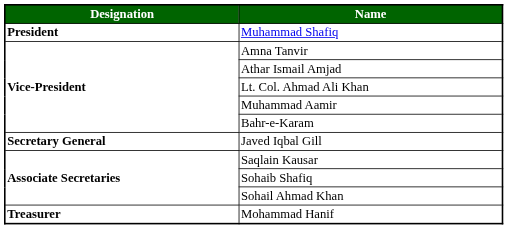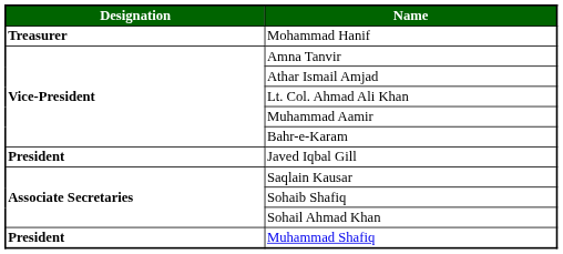 <table class="sortable" style="border-collapse: collapse; border: 2px #000000 solid; font-size: x-big; font-family: verdana" width="50%" cellspacing="0" cellpadding="2" border="1">
 <tr>
 <th style="background-color:#006400; color: white">Designation</th>
 <th style="background-color:#006400; color: white">Name</th>
 </tr>
 <tr>
-<td><strong>President</strong></td>
-<td><a href='#'>Muhammad Shafiq</a></td>
+<td><strong>Treasurer</strong></td>
+<td>Mohammad Hanif</td>
 </tr>
 <tr>
 <td rowspan="5"><strong>Vice-President</strong></td>
 <td>Amna Tanvir</td>
 </tr>
 <tr>
 <td>Athar Ismail Amjad</td>
 </tr>
 <tr>
 <td>Lt. Col. Ahmad Ali Khan</td>
 </tr>
 <tr>
 <td>Muhammad Aamir</td>
 </tr>
 <tr>
 <td>Bahr-e-Karam</td>
 </tr>
 <tr>
-<td><strong>Secretary General</strong></td>
+<td><strong>President</strong></td>
 <td>Javed Iqbal Gill</td>
 </tr>
 <tr>
 <td rowspan=3><strong> Associate Secretaries</strong></td>
 <td>Saqlain Kausar</td>
 </tr>
 <tr>
 <td>Sohaib Shafiq</td>
 </tr>
 <tr>
 <td>Sohail Ahmad Khan</td>
 </tr>
 <tr>
-<td><strong>Treasurer</strong></td>
-<td>Mohammad Hanif</td>
+<td><strong>President</strong></td>
+<td><a href='#'>Muhammad Shafiq</a></td>
 </tr>
 </table>
